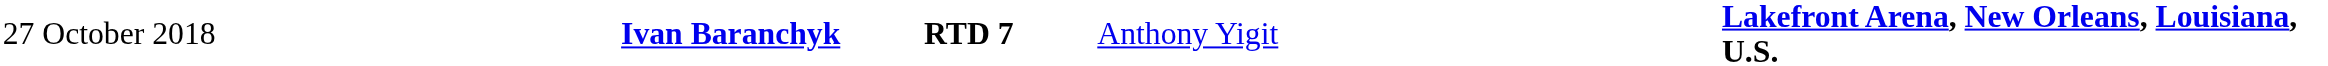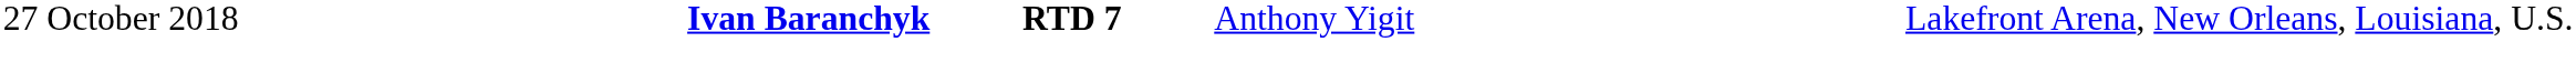 <table cellspacing="1" style="width:100%;">
 <tr>
 <th width="15%"></th>
 <th width="25%"></th>
 <th width="10%"></th>
 <th width="25%"></th>
 </tr>
 <tr style="font-size:100%">
 <td align="right">27 October 2018</td>
 <td align="right"><strong><a href='#'>Ivan Baranchyk</a></strong> </td>
 <td align="center"><strong>RTD 7</strong></td>
 <td> <a href='#'>Anthony Yigit</a></td>
-<td><strong><a href='#'>Lakefront Arena</a>, <a href='#'>New Orleans</a>, <a href='#'>Louisiana</a>, U.S.</strong></td>
+<td><a href='#'>Lakefront Arena</a>, <a href='#'>New Orleans</a>, <a href='#'>Louisiana</a>, U.S.</td>
 </tr>
 </table>
